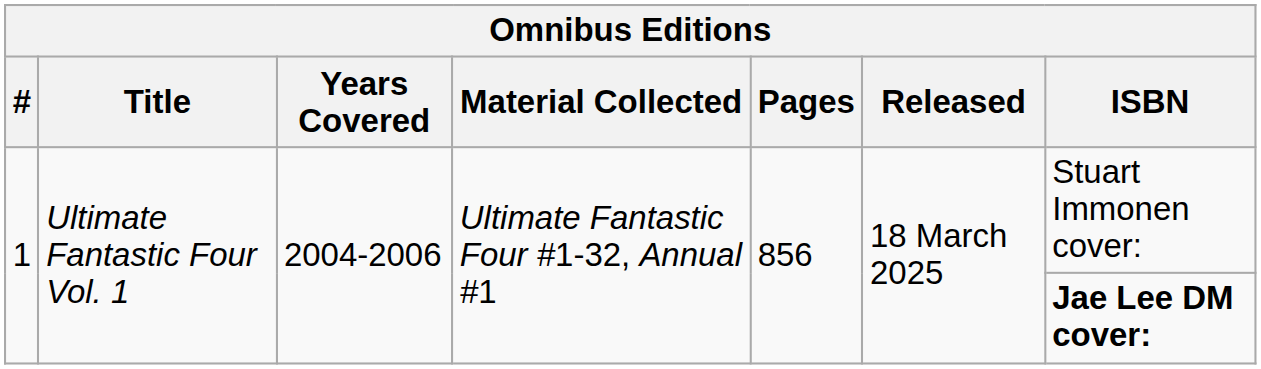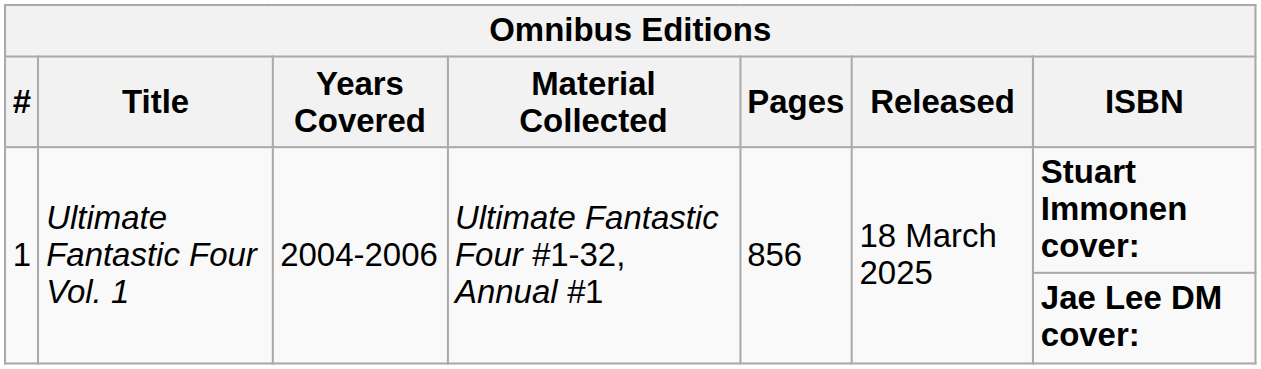 <table class="wikitable">
 <tr>
 <th colspan="7">Omnibus Editions</th>
 </tr>
 <tr>
 <th>#</th>
 <th>Title</th>
 <th>Years Covered</th>
 <th>Material Collected</th>
 <th>Pages</th>
 <th>Released</th>
 <th>ISBN</th>
 </tr>
 <tr>
 <td rowspan="2">1</td>
 <td rowspan="2"><em>Ultimate Fantastic Four Vol. 1</em></td>
 <td rowspan="2">2004-2006</td>
 <td rowspan="2"><em>Ultimate Fantastic Four #</em>1-32, <em>Annual #</em>1</td>
 <td rowspan="2">856</td>
 <td rowspan="2">18 March 2025</td>
-<td>Stuart Immonen cover: </td>
+<td><strong>Stuart Immonen cover: </strong></td>
 </tr>
 <tr>
 <td><strong>Jae Lee DM cover: </strong></td>
 </tr>
 </table>
